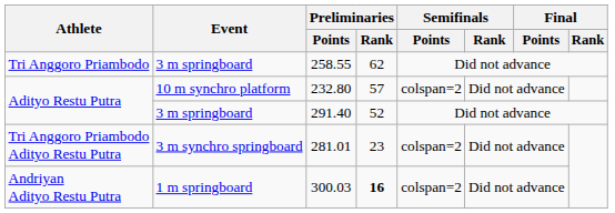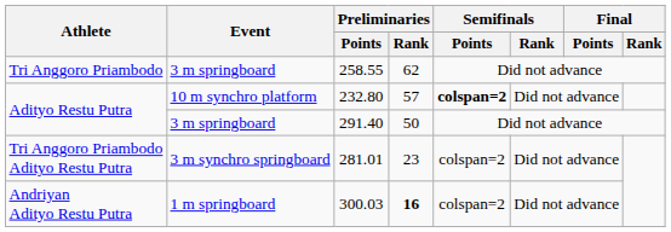 <table class="wikitable" style="text-align:center; font-size:90%; ">
 <tr>
 <th rowspan=2>Athlete</th>
 <th rowspan=2>Event</th>
 <th colspan=2>Preliminaries</th>
 <th colspan=2>Semifinals</th>
 <th colspan=2>Final</th>
 </tr>
 <tr style="font-size:95%">
 <th>Points</th>
 <th>Rank</th>
 <th>Points</th>
 <th>Rank</th>
 <th>Points</th>
 <th>Rank</th>
 </tr>
 <tr>
 <td align=left><a href='#'>Tri Anggoro Priambodo</a></td>
 <td align=left><a href='#'>3 m springboard</a></td>
 <td>258.55</td>
 <td>62</td>
 <td colspan=4>Did not advance</td>
 </tr>
 <tr>
 <td align=left rowspan=2><a href='#'>Adityo Restu Putra</a></td>
 <td align=left><a href='#'>10 m synchro platform</a></td>
 <td>232.80</td>
 <td>57</td>
-<td>colspan=2 </td>
+<td><strong>colspan=2 </strong></td>
 <td colspan=2>Did not advance</td>
 </tr>
 <tr>
 <td align=left><a href='#'>3 m springboard</a></td>
 <td>291.40</td>
-<td>52</td>
+<td>50</td>
 <td colspan=4>Did not advance</td>
 </tr>
 <tr>
 <td align=left><a href='#'>Tri Anggoro Priambodo</a> <br> <a href='#'>Adityo Restu Putra</a></td>
 <td align=left><a href='#'>3 m synchro springboard</a></td>
 <td>281.01</td>
 <td>23</td>
 <td>colspan=2 </td>
 <td colspan=2>Did not advance</td>
 </tr>
 <tr>
 <td align=left><a href='#'>Andriyan</a><br><a href='#'>Adityo Restu Putra</a></td>
 <td align=left><a href='#'>1 m springboard</a></td>
 <td>300.03</td>
 <td><strong>16</strong></td>
 <td>colspan=2 </td>
 <td colspan=2>Did not advance</td>
 </tr>
 </table>
